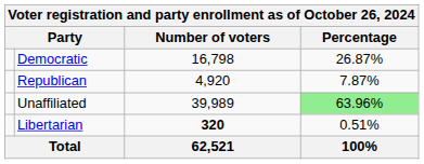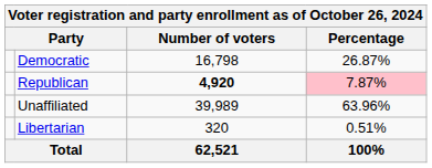 <table class=wikitable>
 <tr>
 <th colspan = 6>Voter registration and party enrollment as of October 26, 2024</th>
 </tr>
 <tr>
 <th colspan = 2>Party</th>
 <th>Number of voters</th>
 <th>Percentage</th>
 </tr>
 <tr>
 <td></td>
 <td><a href='#'>Democratic</a></td>
 <td style="text-align:center;">16,798</td>
 <td style="text-align:center;">26.87%</td>
 </tr>
 <tr>
 <td></td>
 <td><a href='#'>Republican</a></td>
-<td style="text-align:center;">4,920</td>
-<td style="text-align:center;">7.87%</td>
+<td style="text-align:center;"><strong>4,920</strong></td>
+<td style="background: pink; text-align:center;">7.87%</td>
 </tr>
 <tr>
 <td></td>
 <td>Unaffiliated</td>
 <td style="text-align:center;">39,989</td>
-<td style="background: lightgreen; text-align:center;">63.96%</td>
+<td style="text-align:center;">63.96%</td>
 </tr>
 <tr>
 <td></td>
 <td><a href='#'>Libertarian</a></td>
-<td style="text-align:center;"><strong>320</strong></td>
+<td style="text-align:center;">320</td>
 <td style="text-align:center;">0.51%</td>
 </tr>
 <tr>
 <th colspan = 2>Total</th>
 <th style="text-align:center;">62,521</th>
 <th style="text-align:center;">100%</th>
 </tr>
 </table>
